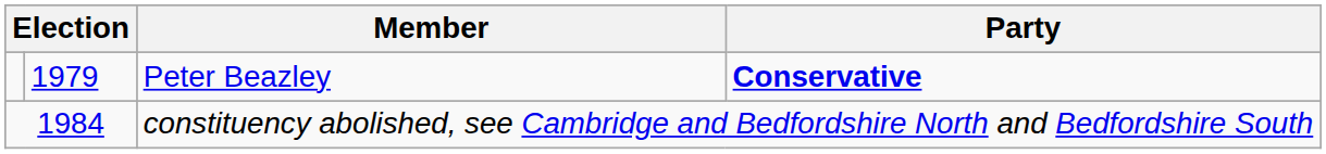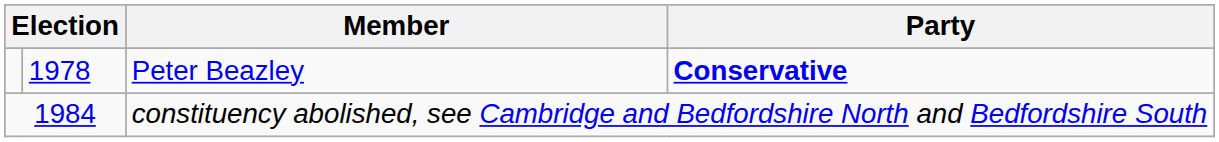 <table class="wikitable">
 <tr>
 <th colspan="2">Election</th>
 <th>Member</th>
 <th>Party</th>
 </tr>
 <tr>
 <td style="background-color: "></td>
-<td><a href='#'>1979</a></td>
+<td><a href='#'>1978</a></td>
 <td><a href='#'>Peter Beazley</a></td>
 <td><strong><a href='#'>Conservative</a></strong></td>
 </tr>
 <tr>
 <td colspan="2" align="center"><a href='#'>1984</a></td>
 <td colspan="2"><em>constituency abolished, see <a href='#'>Cambridge and Bedfordshire North</a> and <a href='#'>Bedfordshire South</a></em></td>
 </tr>
 </table>
